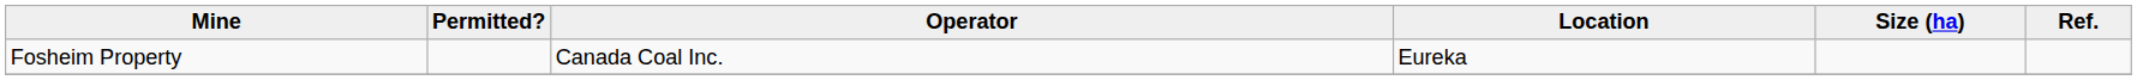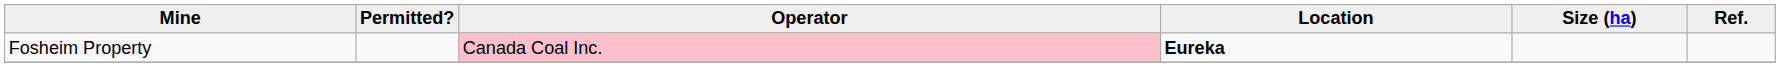 <table class="wikitable sortable">
 <tr>
 <th style="background:#efefef;" width=20%>Mine</th>
 <th style="background:#efefef;" width=5%>Permitted?</th>
 <th style="background:#efefef;" width=40%>Operator</th>
 <th style="background:#efefef;" width=20%>Location</th>
 <th style="background:#efefef;" width=10%>Size (<a href='#'>ha</a>)</th>
 <th style="background:#efefef;" width=5% class="unsortable">Ref.</th>
 </tr>
 <tr>
 <td>Fosheim Property</td>
 <td></td>
-<td>Canada Coal Inc.</td>
-<td>Eureka</td>
+<td style="background: pink;">Canada Coal Inc.</td>
+<td><strong>Eureka</strong></td>
 <td></td>
 <td align="center"></td>
 </tr>
 <tr>
 </tr>
 </table>
